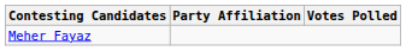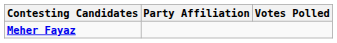 <table class="wikitable sortable">
 <tr>
 <th>Contesting Candidates</th>
 <th>Party Affiliation</th>
 <th>Votes Polled</th>
 </tr>
 <tr>
-<td><a href='#'>Meher Fayaz</a></td>
+<td><strong><a href='#'>Meher Fayaz</a></strong></td>
 </tr>
 </table>
